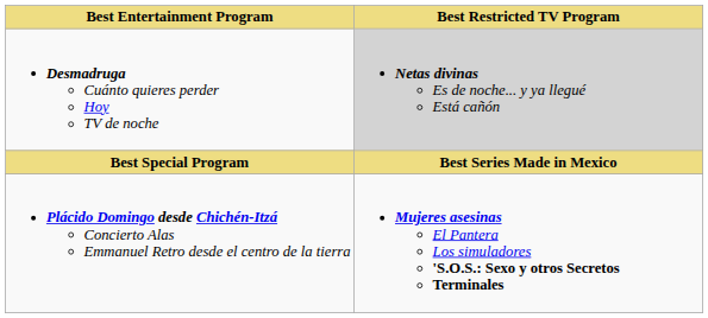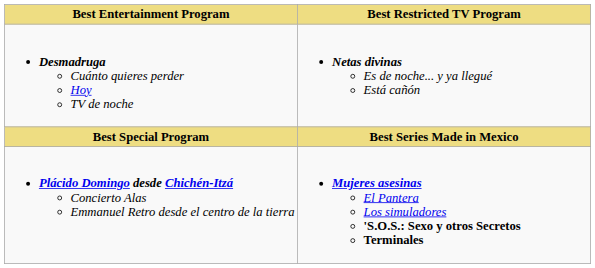 <table class="wikitable">
 <tr>
 <th style="background:#EEDD82; width:50%">Best Entertainment Program</th>
 <th style="background:#EEDD82; width:50%">Best Restricted TV Program</th>
 </tr>
 <tr>
 <td valign="top"><br><ul><li><strong><em>Desmadruga</em></strong><ul><li><em>Cuánto quieres perder</em></li><li><em><a href='#'>Hoy</a></em></li><li><em>TV de noche</em></li></ul></li></ul></td>
-<td valign="top" style="background: lightgrey;"><br><ul><li><strong><em>Netas divinas</em></strong><ul><li><em>Es de noche... y ya llegué</em></li><li><em>Está cañón</em></li></ul></li></ul></td>
+<td valign="top"><br><ul><li><strong><em>Netas divinas</em></strong><ul><li><em>Es de noche... y ya llegué</em></li><li><em>Está cañón</em></li></ul></li></ul></td>
 </tr>
 <tr>
 <th style="background:#EEDD82; width:50%">Best Special Program</th>
 <th style="background:#EEDD82; width:50%">Best Series Made in Mexico</th>
 </tr>
 <tr>
 <td valign="top"><br><ul><li><strong><em><a href='#'>Plácido Domingo</a> desde <a href='#'>Chichén-Itzá</a></em></strong><ul><li><em>Concierto Alas</em></li><li><em>Emmanuel Retro desde el centro de la tierra</em></li></ul></li></ul></td>
 <td valign="top"><br><ul><li><strong><em><a href='#'>Mujeres asesinas</a></em></strong><ul><li><em><a href='#'>El Pantera</a></em></li><li><em><a href='#'>Los simuladores</a></em></li><li><strong>'S.O.S.: Sexo y otros Secretos<em></li><li></em>Terminales<em></li></ul></li></ul></td>
 </tr>
 </table>
